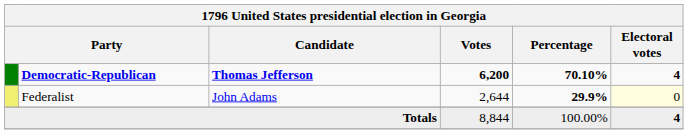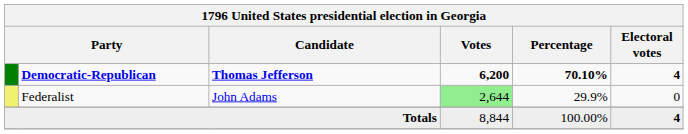 <table class="wikitable" style="font-size: 95%;">
 <tr>
 <th colspan="6">1796 United States presidential election in Georgia</th>
 </tr>
 <tr>
 <th colspan="2" style="width: 15em">Party</th>
 <th style="width: 17em">Candidate</th>
 <th style="width: 5em">Votes</th>
 <th style="width: 7em">Percentage</th>
 <th style="width: 5em">Electoral votes</th>
 </tr>
 <tr>
 <th style="background-color:#008000; width: 3px"></th>
 <td style="width: 130px"><strong><a href='#'>Democratic-Republican</a></strong></td>
 <td><strong><a href='#'>Thomas Jefferson</a></strong></td>
 <td align="right"><strong>6,200</strong></td>
 <td align="right"><strong>70.10%</strong></td>
 <td align="right"><strong>4</strong></td>
 </tr>
 <tr>
 <th style="background-color:#F0F071; width: 3px"></th>
 <td style="width: 130px">Federalist</td>
 <td><a href='#'>John Adams</a></td>
-<td align="right">2,644</td>
-<td align="right"><strong>29.9%</strong></td>
-<td align="right" style="background: lightyellow;">0</td>
+<td align="right" style="background: lightgreen;">2,644</td>
+<td align="right">29.9%</td>
+<td align="right">0</td>
 </tr>
 <tr>
 </tr>
 <tr bgcolor="#EEEEEE">
 <td colspan="3" align="right"><strong>Totals</strong></td>
 <td align="right">8,844</td>
 <td align="right">100.00%</td>
 <td align="right"><strong>4</strong></td>
 </tr>
 <tr>
 </tr>
 </table>
